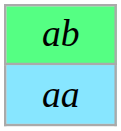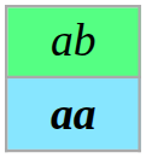 <table class="wikitable" style="font-style:italic;text-align:center;">
 <tr>
 <td bgcolor="#55FF83" width="40">ab</td>
 </tr>
 <tr>
-<td bgcolor="#87E6FF" width="40">aa</td>
+<td bgcolor="#87E6FF" width="40"><strong>aa</strong></td>
 </tr>
 </table>
